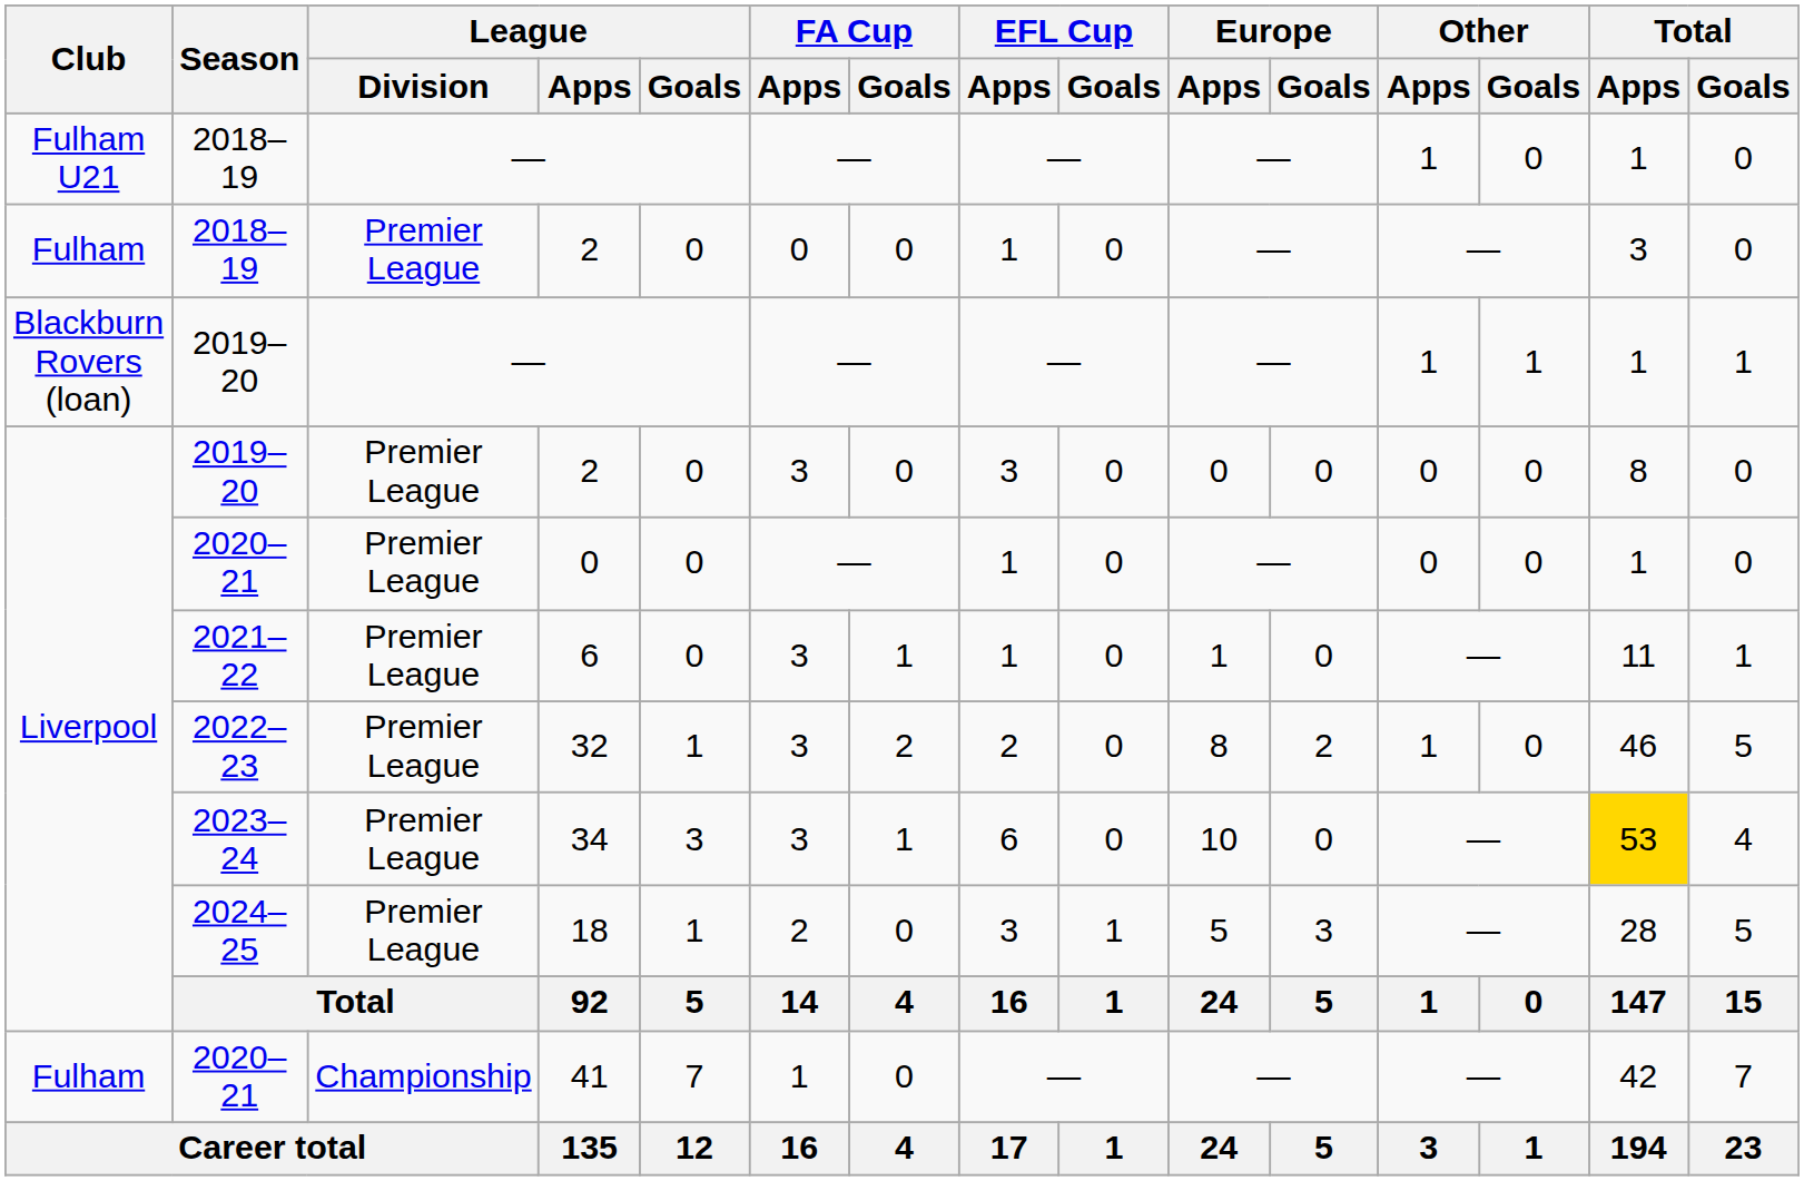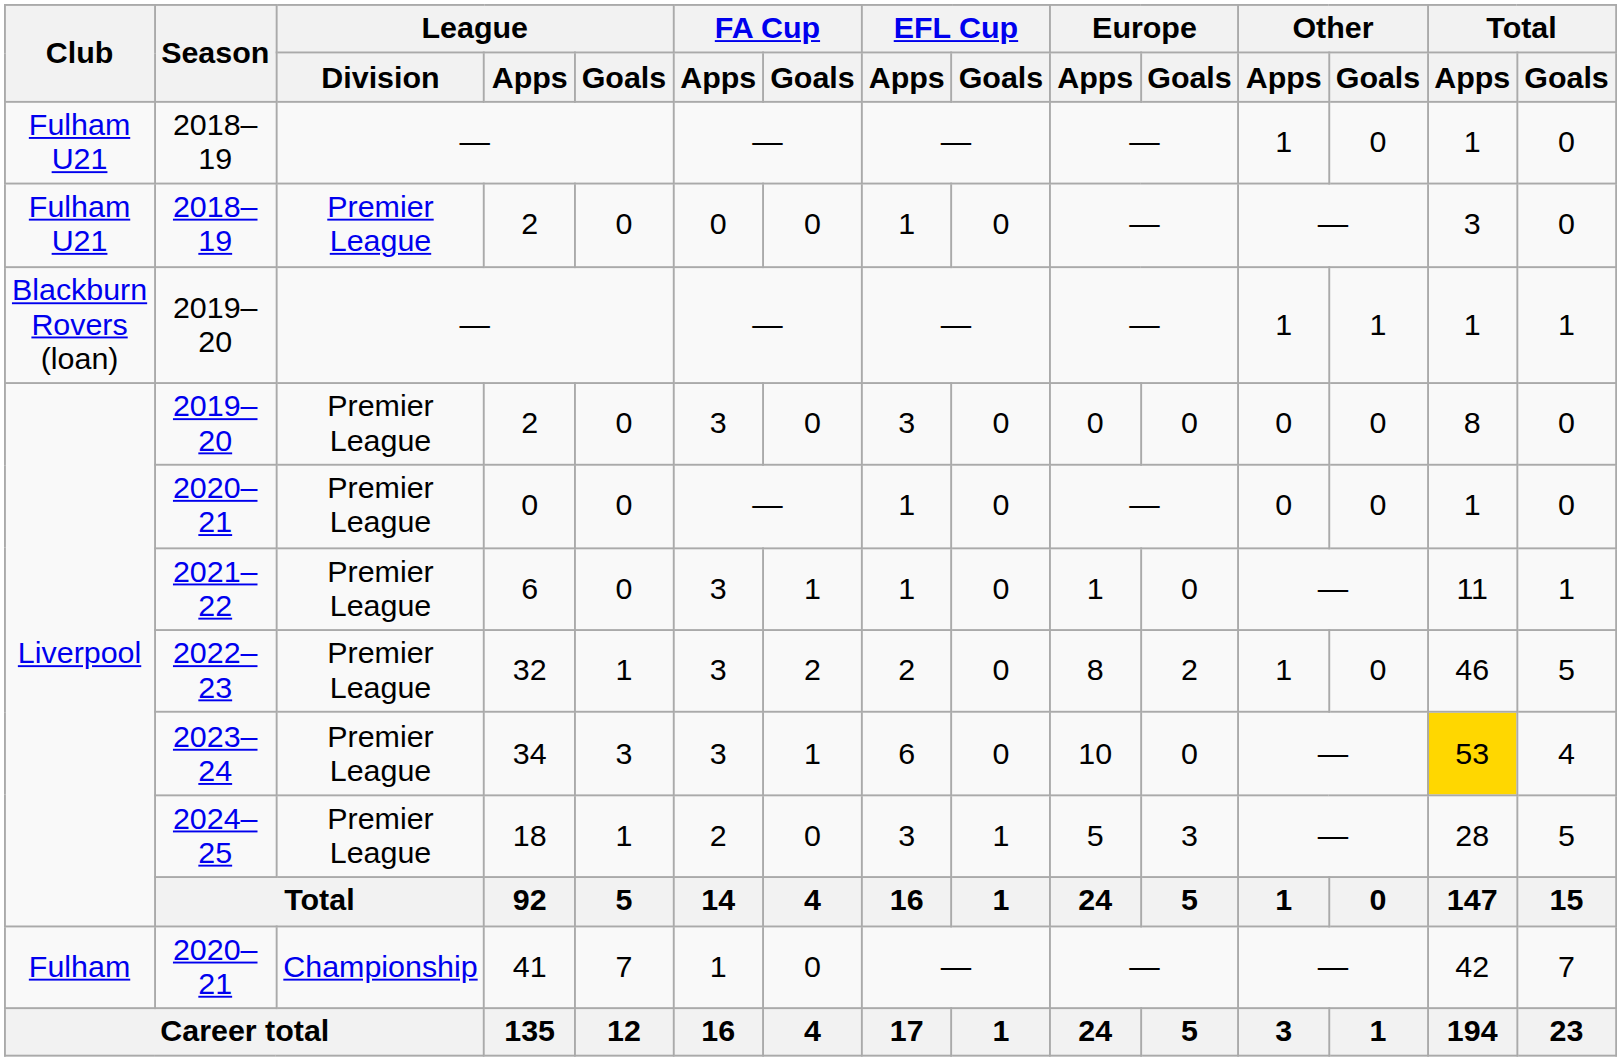 <table class="wikitable" style="text-align: center;">
 <tr>
 <th rowspan="2">Club</th>
 <th rowspan="2">Season</th>
 <th colspan="3">League</th>
 <th colspan="2"><a href='#'>FA Cup</a></th>
 <th colspan="2"><a href='#'>EFL Cup</a></th>
 <th colspan="2">Europe</th>
 <th colspan="2">Other</th>
 <th colspan="2">Total</th>
 </tr>
 <tr>
 <th>Division</th>
 <th>Apps</th>
 <th>Goals</th>
 <th>Apps</th>
 <th>Goals</th>
 <th>Apps</th>
 <th>Goals</th>
 <th>Apps</th>
 <th>Goals</th>
 <th>Apps</th>
 <th>Goals</th>
 <th>Apps</th>
 <th>Goals</th>
 </tr>
 <tr>
 <td><a href='#'>Fulham U21</a></td>
 <td>2018–19</td>
 <td colspan="3">—</td>
 <td colspan="2">—</td>
 <td colspan="2">—</td>
 <td colspan="2">—</td>
 <td>1</td>
 <td>0</td>
 <td>1</td>
 <td>0</td>
 </tr>
 <tr>
-<td><a href='#'>Fulham</a></td>
+<td><a href='#'>Fulham U21</a></td>
 <td><a href='#'>2018–19</a></td>
 <td><a href='#'>Premier League</a></td>
 <td>2</td>
 <td>0</td>
 <td>0</td>
 <td>0</td>
 <td>1</td>
 <td>0</td>
 <td colspan="2">—</td>
 <td colspan="2">—</td>
 <td>3</td>
 <td>0</td>
 </tr>
 <tr>
 <td><a href='#'>Blackburn Rovers</a> (loan)</td>
 <td>2019–20</td>
 <td colspan="3">—</td>
 <td colspan="2">—</td>
 <td colspan="2">—</td>
 <td colspan="2">—</td>
 <td>1</td>
 <td>1</td>
 <td>1</td>
 <td>1</td>
 </tr>
 <tr>
 <td rowspan=7><a href='#'>Liverpool</a></td>
 <td><a href='#'>2019–20</a></td>
 <td>Premier League</td>
 <td>2</td>
 <td>0</td>
 <td>3</td>
 <td>0</td>
 <td>3</td>
 <td>0</td>
 <td>0</td>
 <td>0</td>
 <td>0</td>
 <td>0</td>
 <td>8</td>
 <td>0</td>
 </tr>
 <tr>
 <td><a href='#'>2020–21</a></td>
 <td>Premier League</td>
 <td>0</td>
 <td>0</td>
 <td colspan="2">—</td>
 <td>1</td>
 <td>0</td>
 <td colspan="2">—</td>
 <td>0</td>
 <td>0</td>
 <td>1</td>
 <td>0</td>
 </tr>
 <tr>
 <td><a href='#'>2021–22</a></td>
 <td>Premier League</td>
 <td>6</td>
 <td>0</td>
 <td>3</td>
 <td>1</td>
 <td>1</td>
 <td>0</td>
 <td>1</td>
 <td>0</td>
 <td colspan="2">—</td>
 <td>11</td>
 <td>1</td>
 </tr>
 <tr>
 <td><a href='#'>2022–23</a></td>
 <td>Premier League</td>
 <td>32</td>
 <td>1</td>
 <td>3</td>
 <td>2</td>
 <td>2</td>
 <td>0</td>
 <td>8</td>
 <td>2</td>
 <td>1</td>
 <td>0</td>
 <td>46</td>
 <td>5</td>
 </tr>
 <tr>
 <td><a href='#'>2023–24</a></td>
 <td>Premier League</td>
 <td>34</td>
 <td>3</td>
 <td>3</td>
 <td>1</td>
 <td>6</td>
 <td>0</td>
 <td>10</td>
 <td>0</td>
 <td colspan="2">—</td>
 <td style="background: gold;">53</td>
 <td>4</td>
 </tr>
 <tr>
 <td><a href='#'>2024–25</a></td>
 <td>Premier League</td>
 <td>18</td>
 <td>1</td>
 <td>2</td>
 <td>0</td>
 <td>3</td>
 <td>1</td>
 <td>5</td>
 <td>3</td>
 <td colspan="2">—</td>
 <td>28</td>
 <td>5</td>
 </tr>
 <tr>
 <th colspan="2">Total</th>
 <th>92</th>
 <th>5</th>
 <th>14</th>
 <th>4</th>
 <th>16</th>
 <th>1</th>
 <th>24</th>
 <th>5</th>
 <th>1</th>
 <th>0</th>
 <th>147</th>
 <th>15</th>
 </tr>
 <tr>
 <td><a href='#'>Fulham</a></td>
 <td><a href='#'>2020–21</a></td>
 <td><a href='#'>Championship</a></td>
 <td>41</td>
 <td>7</td>
 <td>1</td>
 <td>0</td>
 <td colspan="2">—</td>
 <td colspan="2">—</td>
 <td colspan="2">—</td>
 <td>42</td>
 <td>7</td>
 </tr>
 <tr>
 <th colspan="3">Career total</th>
 <th>135</th>
 <th>12</th>
 <th>16</th>
 <th>4</th>
 <th>17</th>
 <th>1</th>
 <th>24</th>
 <th>5</th>
 <th>3</th>
 <th>1</th>
 <th>194</th>
 <th>23</th>
 </tr>
 </table>
